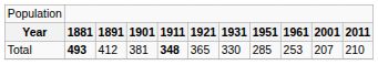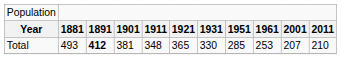 <table class="wikitable">
 <tr>
 <td>Population</td>
 </tr>
 <tr>
 <th>Year</th>
 <th>1881</th>
 <th>1891</th>
 <th>1901</th>
 <th>1911</th>
 <th>1921</th>
 <th>1931</th>
 <th>1951</th>
 <th>1961</th>
 <th>2001</th>
 <th>2011</th>
 </tr>
 <tr>
 <td>Total</td>
-<td><strong>493</strong></td>
-<td>412</td>
+<td>493</td>
+<td><strong>412</strong></td>
 <td>381</td>
-<td><strong>348</strong></td>
+<td>348</td>
 <td>365</td>
 <td>330</td>
 <td>285</td>
 <td>253</td>
 <td>207</td>
 <td>210</td>
 </tr>
 <tr>
 </tr>
 </table>
